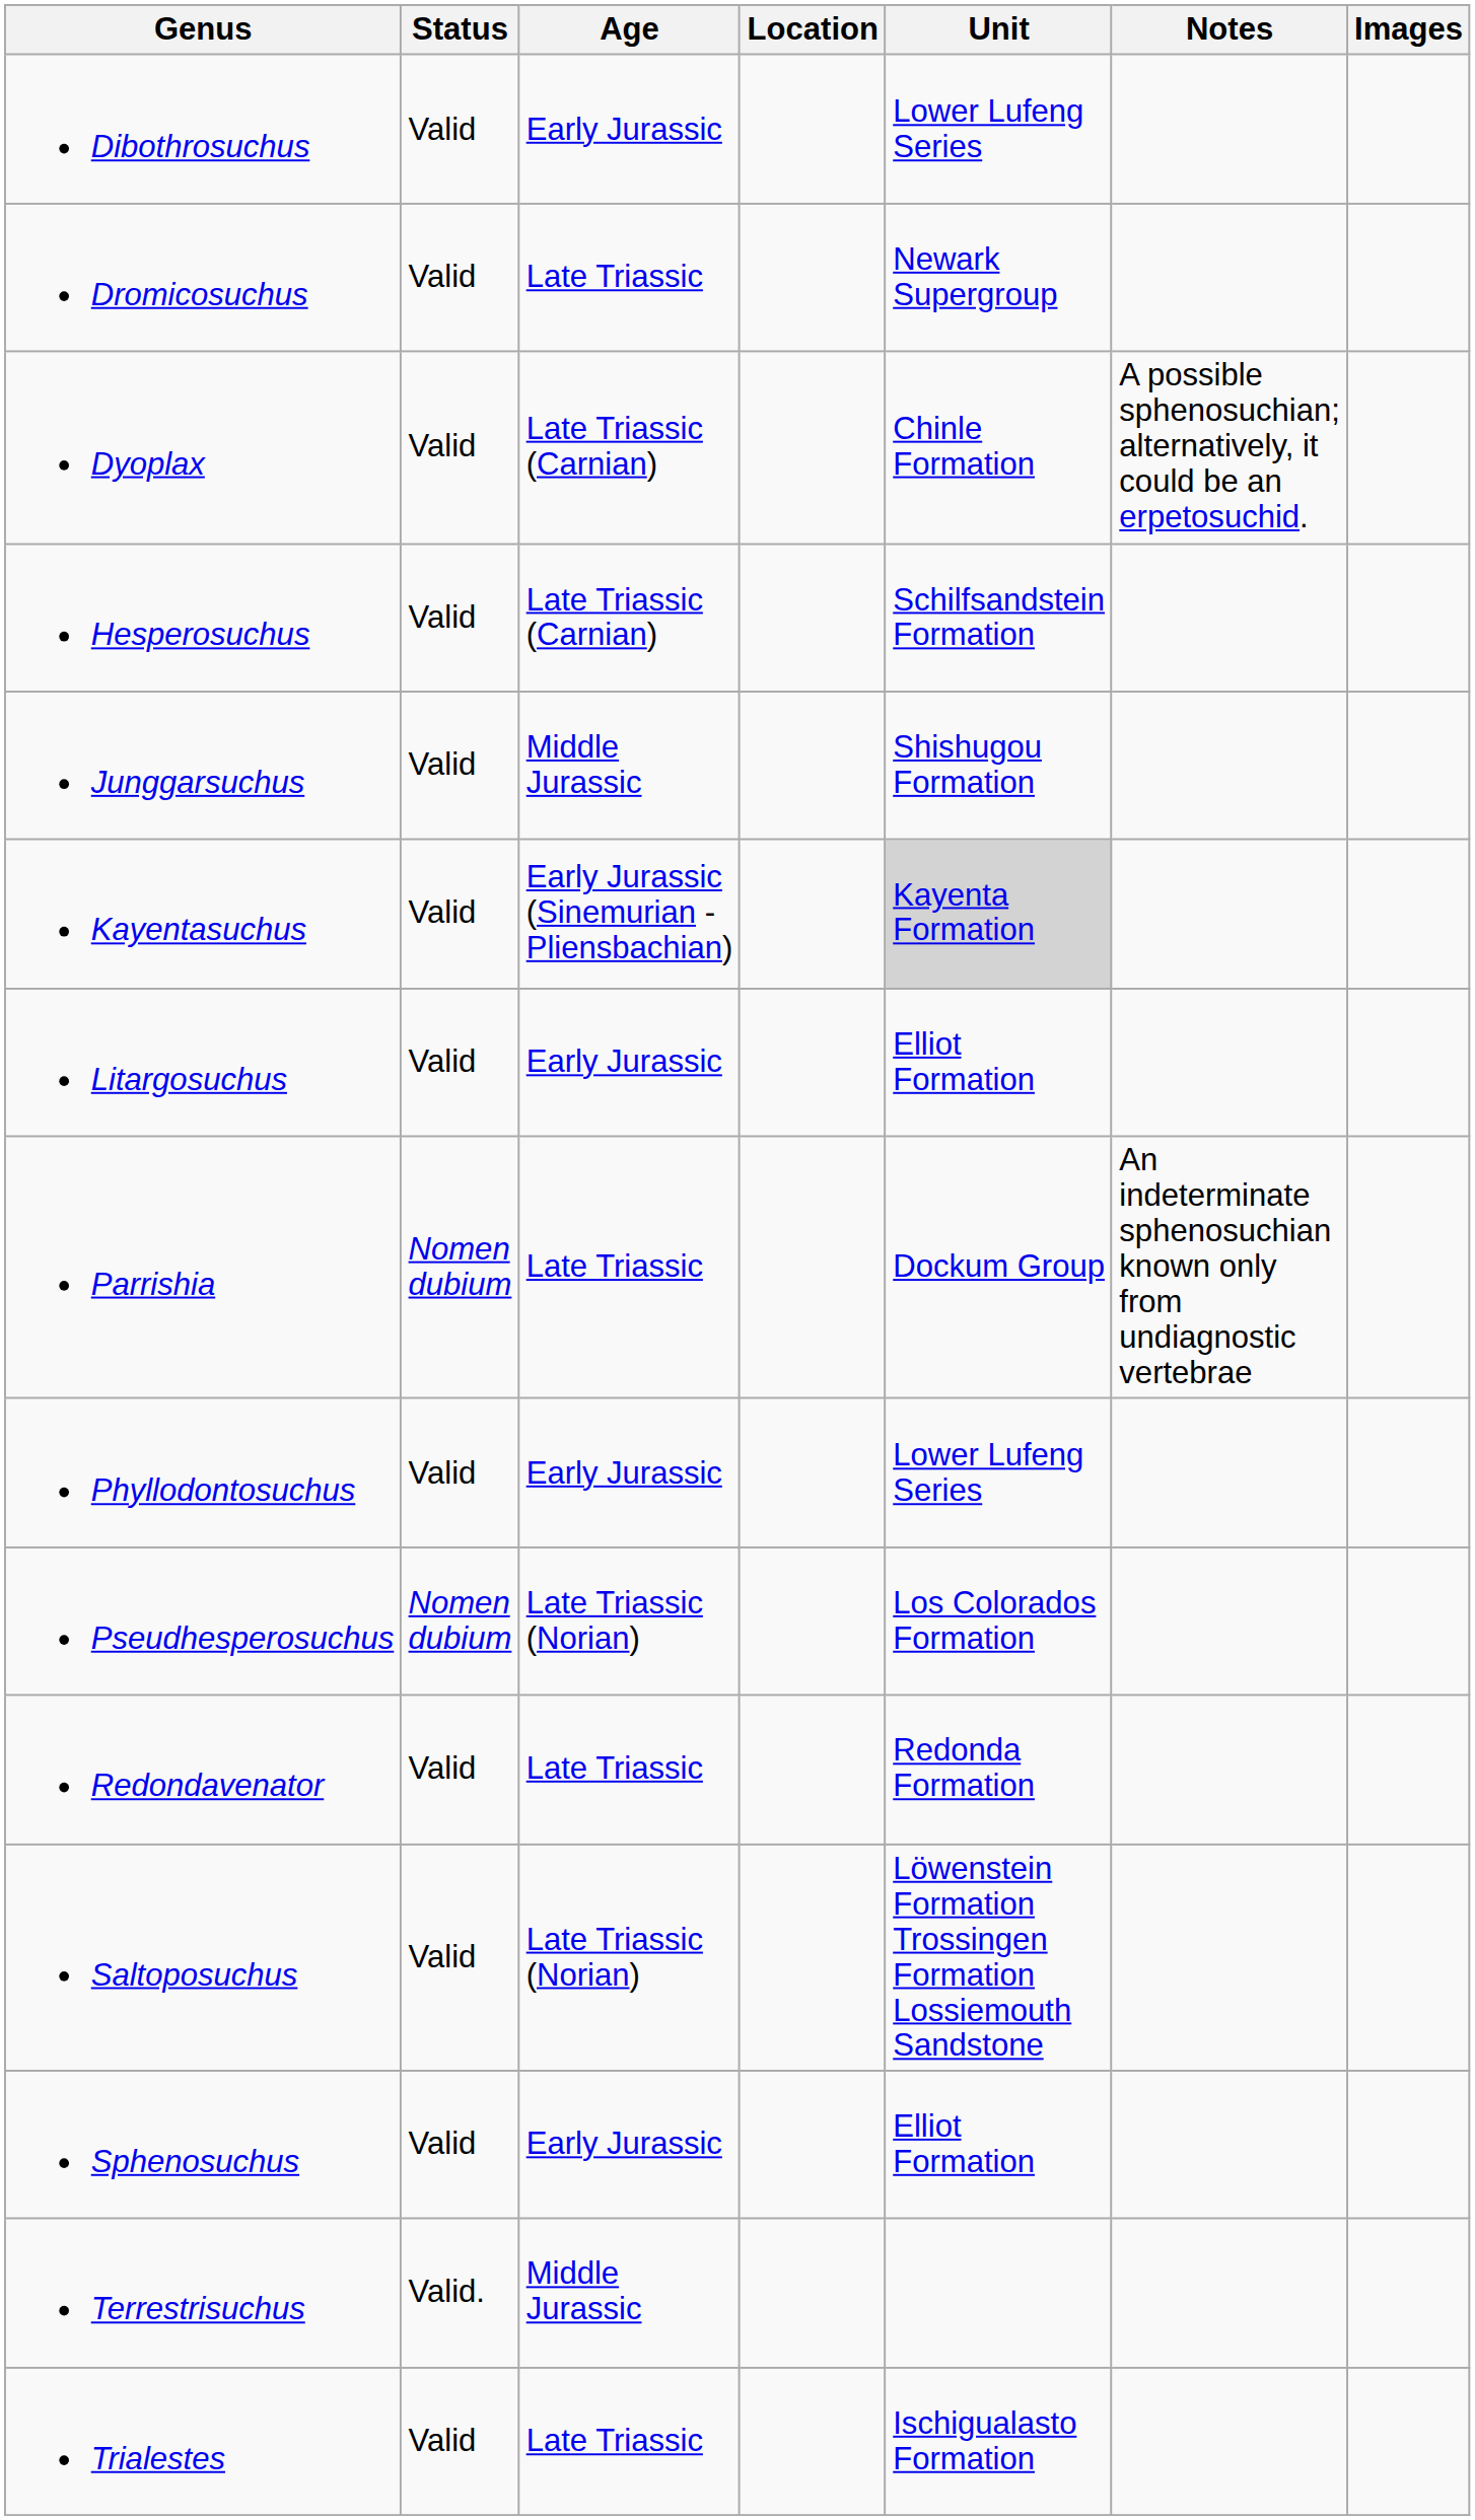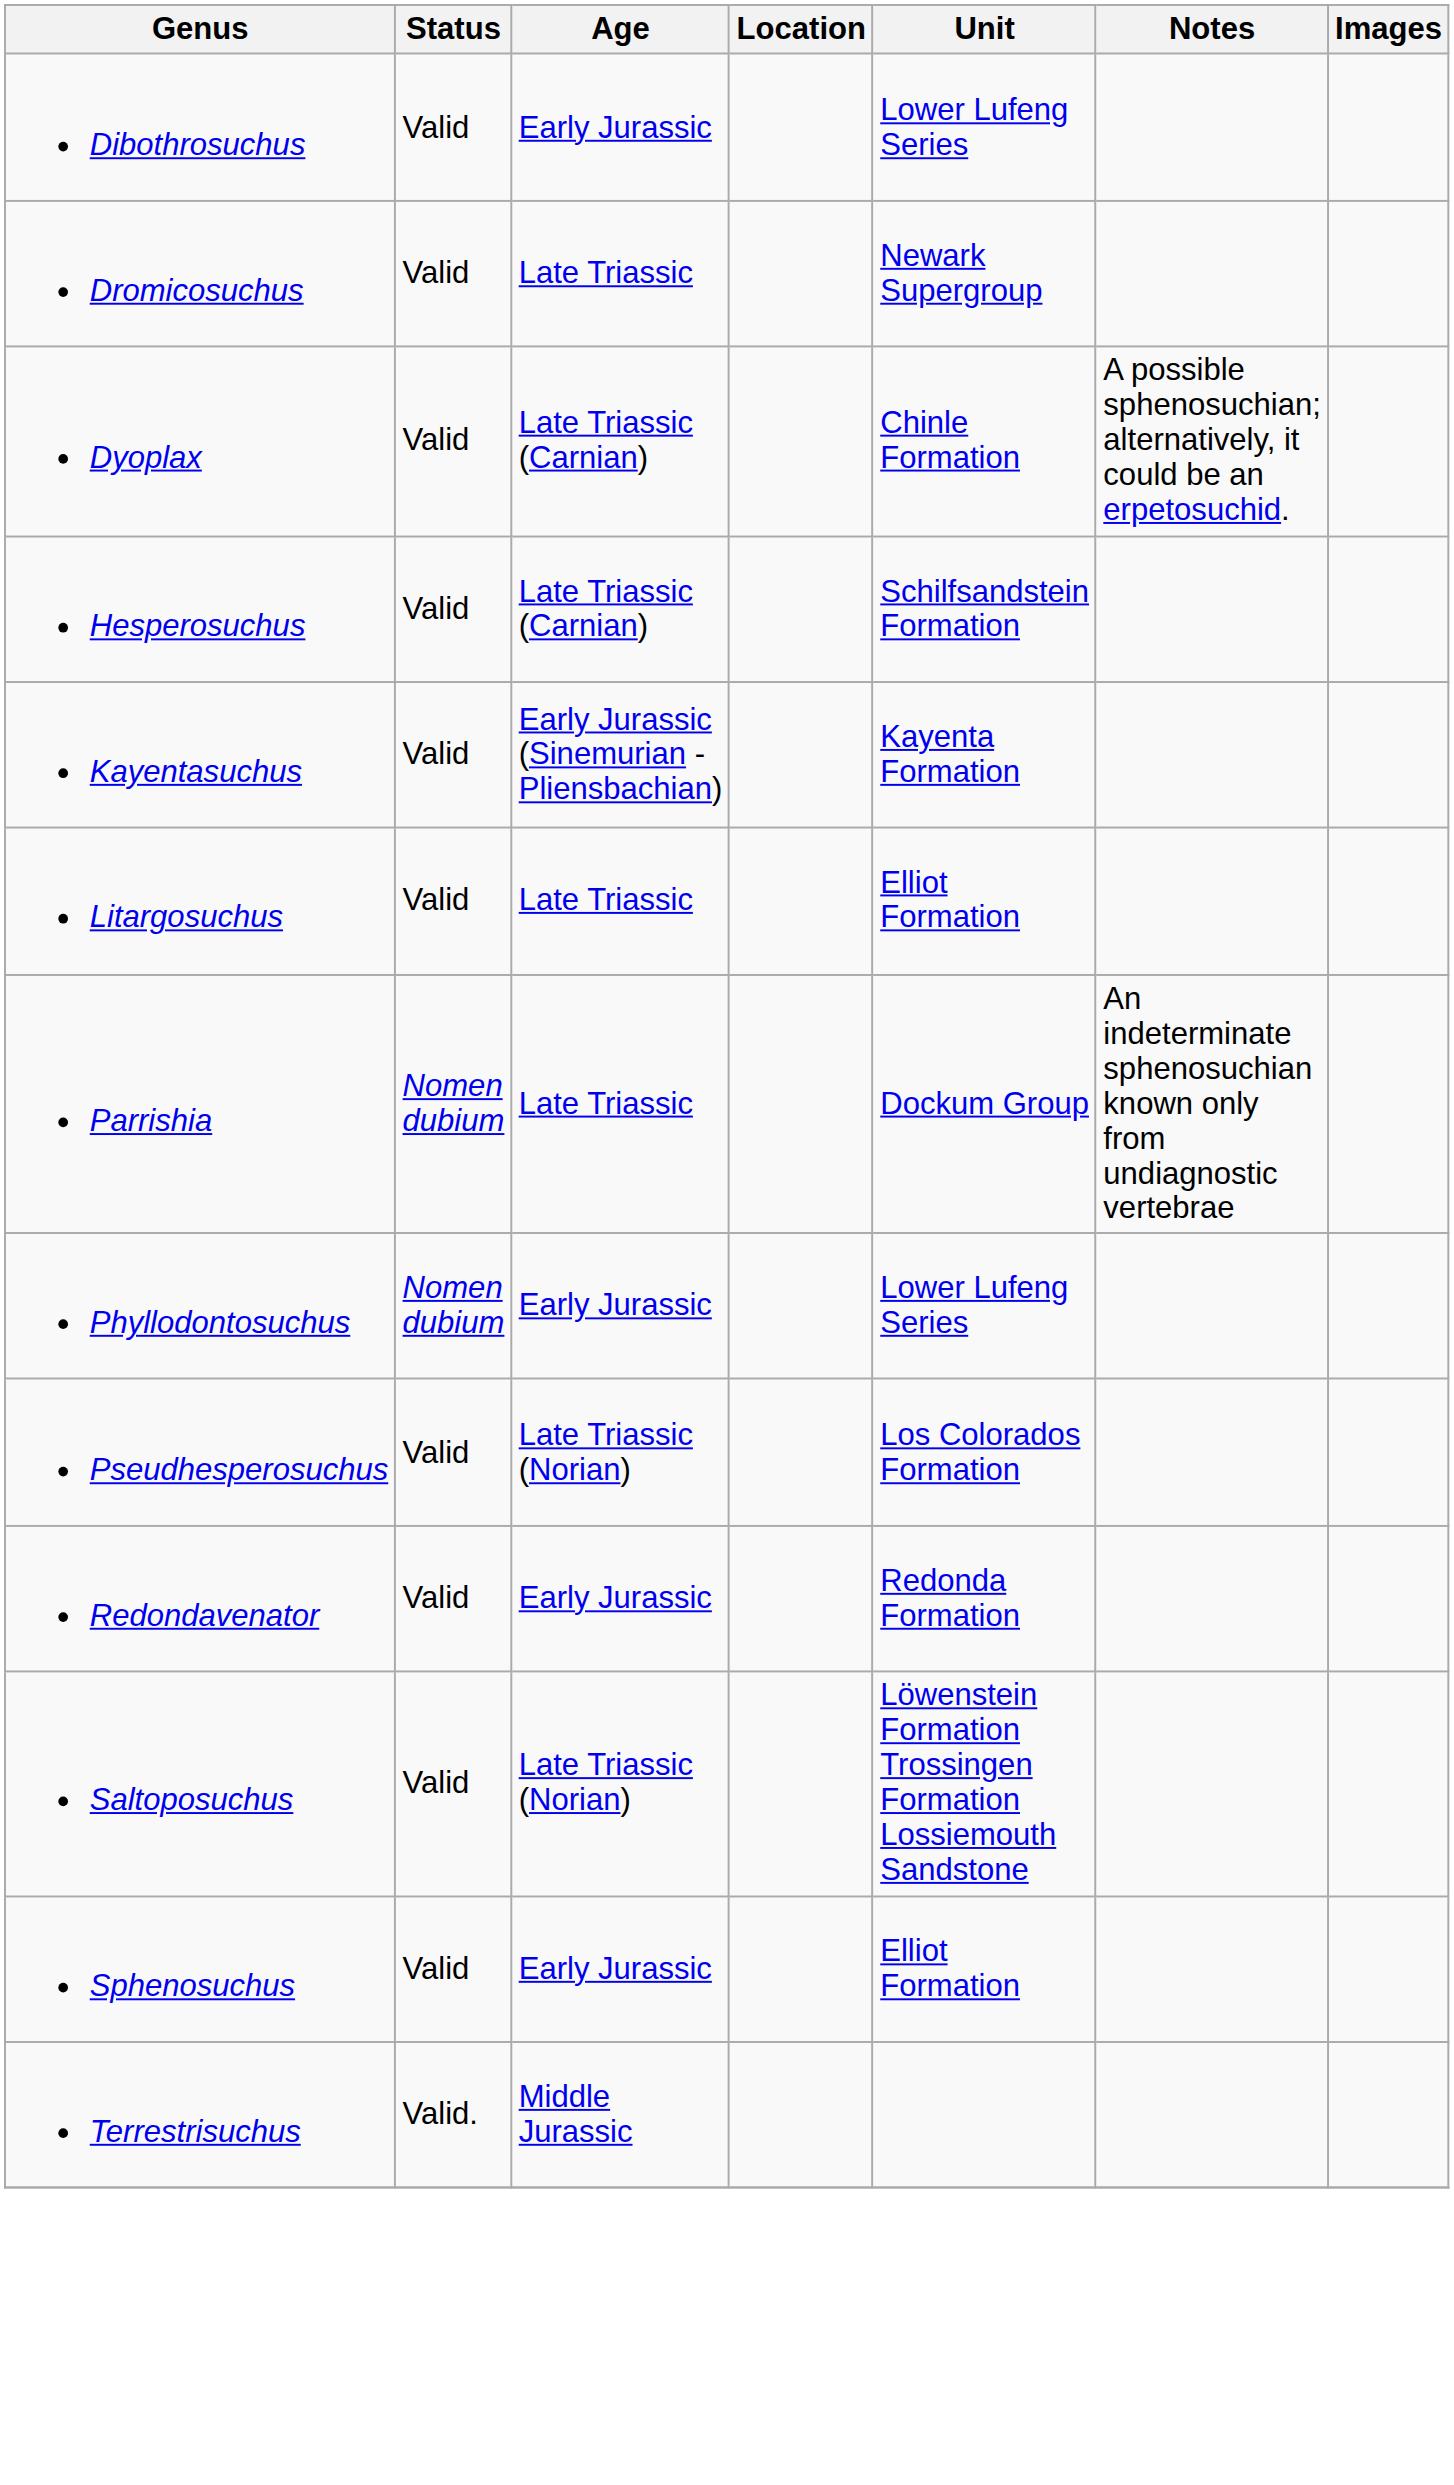 <table class="wikitable sortable" align="center" width="100%">
 <tr>
 <th>Genus</th>
 <th>Status</th>
 <th>Age</th>
 <th>Location</th>
 <th>Unit</th>
 <th class="unsortable">Notes</th>
 <th class="unsortable">Images</th>
 </tr>
 <tr>
 <td><br><ul><li><em><a href='#'>Dibothrosuchus</a></em></li></ul></td>
 <td>Valid</td>
 <td><a href='#'>Early Jurassic</a></td>
 <td></td>
 <td><a href='#'>Lower Lufeng Series</a></td>
 <td></td>
 <td></td>
 </tr>
 <tr>
 <td><br><ul><li><em><a href='#'>Dromicosuchus</a></em></li></ul></td>
 <td>Valid</td>
 <td><a href='#'>Late Triassic</a></td>
 <td></td>
 <td><a href='#'>Newark Supergroup</a></td>
 <td></td>
 <td></td>
 </tr>
 <tr>
 <td><br><ul><li><em><a href='#'>Dyoplax</a></em></li></ul></td>
 <td>Valid</td>
 <td><a href='#'>Late Triassic</a> (<a href='#'>Carnian</a>)</td>
 <td></td>
 <td><a href='#'>Chinle Formation</a></td>
 <td>A possible sphenosuchian; alternatively, it could be an <a href='#'>erpetosuchid</a>.</td>
 <td></td>
 </tr>
 <tr>
 <td><br><ul><li><em><a href='#'>Hesperosuchus</a></em></li></ul></td>
 <td>Valid</td>
 <td><a href='#'>Late Triassic</a> (<a href='#'>Carnian</a>)</td>
 <td></td>
 <td><a href='#'>Schilfsandstein Formation</a></td>
 <td></td>
 <td></td>
 </tr>
 <tr>
-<td><br><ul><li><em><a href='#'>Junggarsuchus</a></em></li></ul></td>
-<td>Valid</td>
-<td><a href='#'>Middle Jurassic</a></td>
-<td></td>
-<td><a href='#'>Shishugou Formation</a></td>
-<td></td>
-<td></td>
-</tr>
-<tr>
 <td><br><ul><li><em><a href='#'>Kayentasuchus</a></em></li></ul></td>
 <td>Valid</td>
 <td><a href='#'>Early Jurassic</a> (<a href='#'>Sinemurian</a> - <a href='#'>Pliensbachian</a>)</td>
 <td></td>
-<td style="background: lightgrey;"><a href='#'>Kayenta Formation</a></td>
+<td><a href='#'>Kayenta Formation</a></td>
 <td></td>
 <td></td>
 </tr>
 <tr>
 <td><br><ul><li><em><a href='#'>Litargosuchus</a></em></li></ul></td>
 <td>Valid</td>
-<td><a href='#'>Early Jurassic</a></td>
+<td><a href='#'>Late Triassic</a></td>
 <td></td>
 <td><a href='#'>Elliot Formation</a></td>
 <td></td>
 <td></td>
 </tr>
 <tr>
 <td><br><ul><li><em><a href='#'>Parrishia</a></em></li></ul></td>
 <td><em><a href='#'>Nomen dubium</a></em></td>
 <td><a href='#'>Late Triassic</a></td>
 <td></td>
 <td><a href='#'>Dockum Group</a></td>
 <td>An indeterminate sphenosuchian known only from undiagnostic vertebrae</td>
 <td></td>
 </tr>
 <tr>
 <td><br><ul><li><em><a href='#'>Phyllodontosuchus</a></em></li></ul></td>
-<td>Valid</td>
+<td><em><a href='#'>Nomen dubium</a></em></td>
 <td><a href='#'>Early Jurassic</a></td>
 <td></td>
 <td><a href='#'>Lower Lufeng Series</a></td>
 <td></td>
 <td></td>
 </tr>
 <tr>
 <td><br><ul><li><em><a href='#'>Pseudhesperosuchus</a></em></li></ul></td>
-<td><em><a href='#'>Nomen dubium</a></em></td>
+<td>Valid</td>
 <td><a href='#'>Late Triassic</a> (<a href='#'>Norian</a>)</td>
 <td></td>
 <td><a href='#'>Los Colorados Formation</a></td>
 <td></td>
 <td></td>
 </tr>
 <tr>
 <td><br><ul><li><em><a href='#'>Redondavenator</a></em></li></ul></td>
 <td>Valid</td>
-<td><a href='#'>Late Triassic</a></td>
+<td><a href='#'>Early Jurassic</a></td>
 <td></td>
 <td><a href='#'>Redonda Formation</a></td>
 <td></td>
 <td></td>
 </tr>
 <tr>
 <td><br><ul><li><em><a href='#'>Saltoposuchus</a></em></li></ul></td>
 <td>Valid</td>
 <td><a href='#'>Late Triassic</a> (<a href='#'>Norian</a>)</td>
 <td><br> </td>
 <td><a href='#'>Löwenstein Formation</a><br><a href='#'>Trossingen Formation</a> <a href='#'>Lossiemouth Sandstone</a></td>
 <td></td>
 <td></td>
 </tr>
 <tr>
 <td><br><ul><li><em><a href='#'>Sphenosuchus</a></em></li></ul></td>
 <td>Valid</td>
 <td><a href='#'>Early Jurassic</a></td>
 <td></td>
 <td><a href='#'>Elliot Formation</a></td>
 <td></td>
 <td></td>
 </tr>
 <tr>
 <td><br><ul><li><em><a href='#'>Terrestrisuchus</a></em></li></ul></td>
 <td>Valid.</td>
 <td><a href='#'>Middle Jurassic</a></td>
 <td></td>
 <td></td>
 <td></td>
 <td></td>
 </tr>
 <tr>
-<td><br><ul><li><em><a href='#'>Trialestes</a></em></li></ul></td>
-<td>Valid</td>
-<td><a href='#'>Late Triassic</a></td>
-<td></td>
-<td><a href='#'>Ischigualasto Formation</a></td>
-<td></td>
-<td></td>
-</tr>
-<tr>
 </tr>
 </table>
